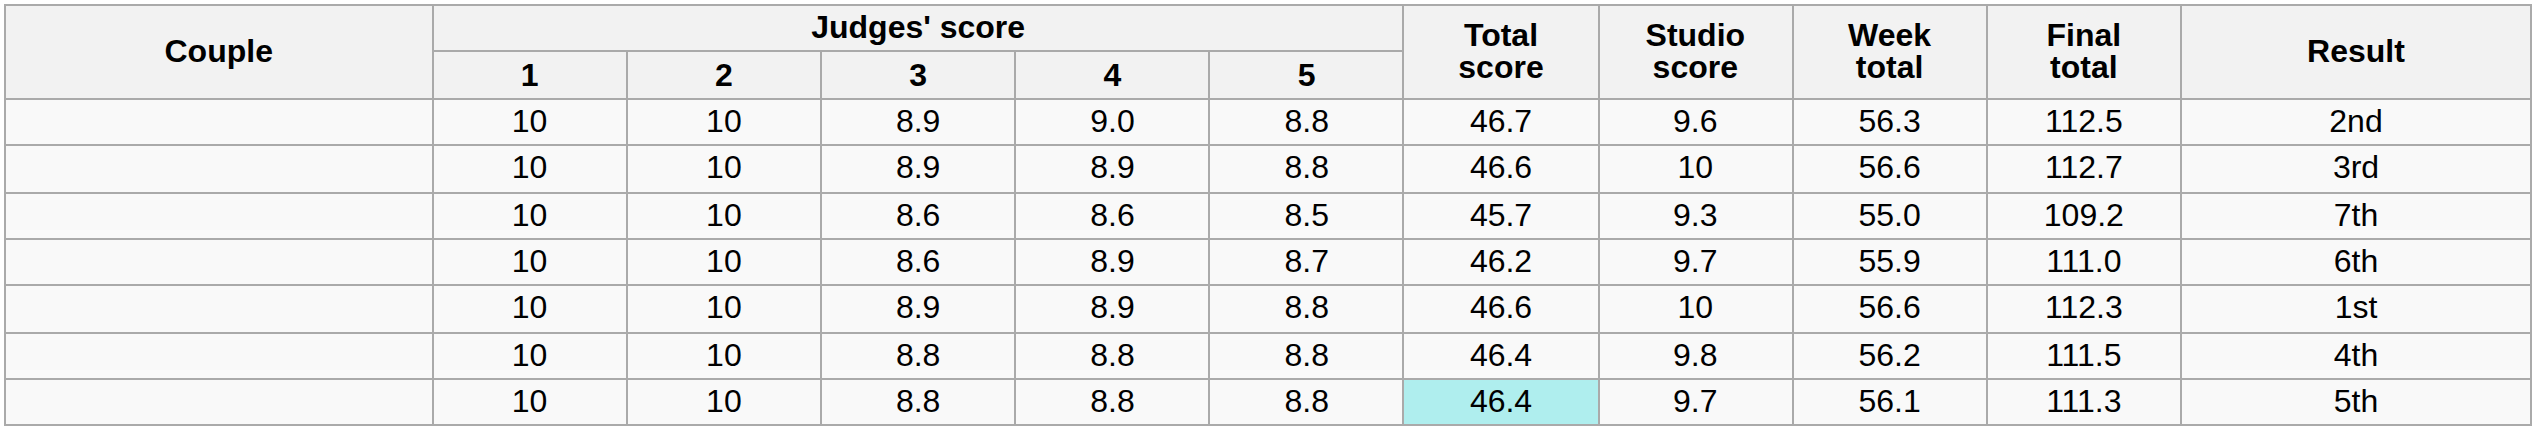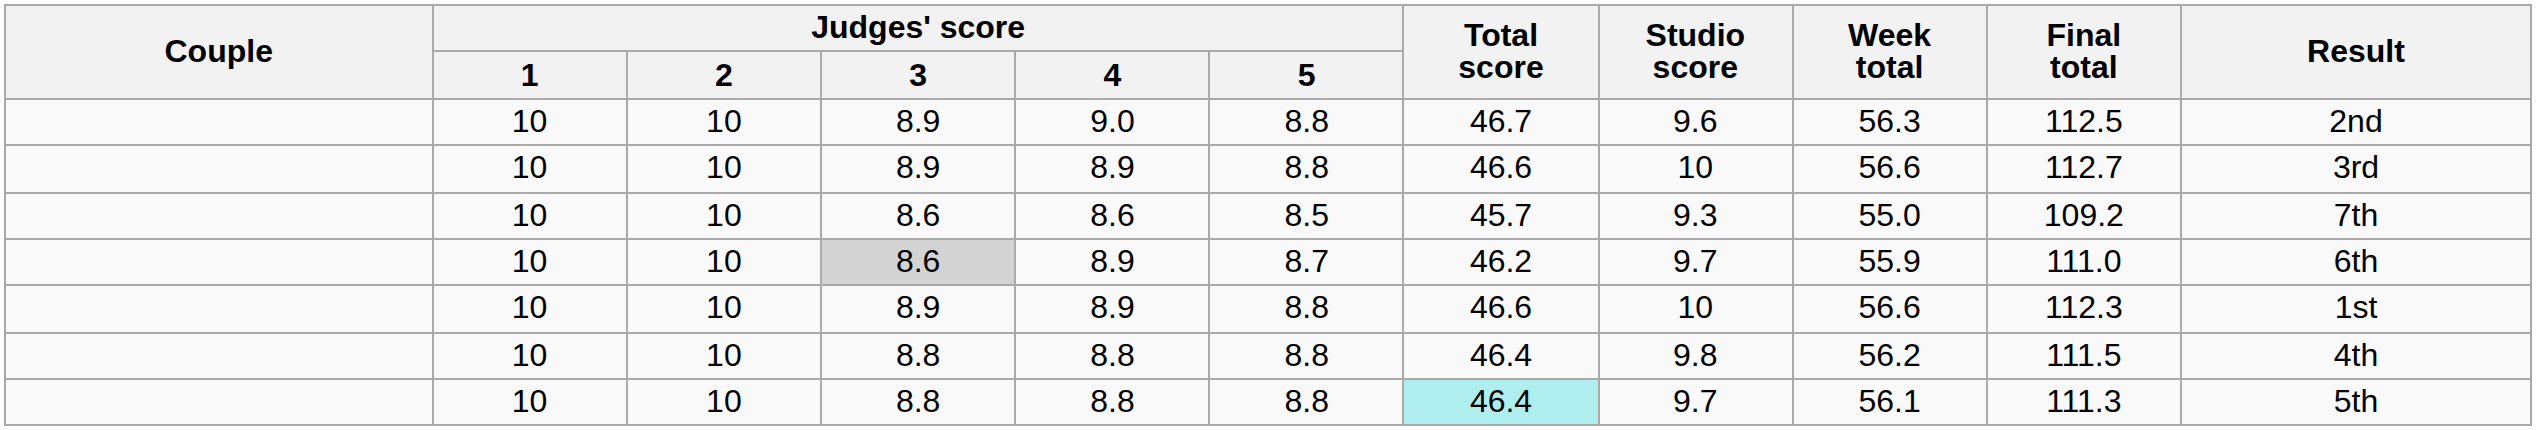 <table class="wikitable" style="font-size:100%; line-height:16px; text-align:center" width="100%">
 <tr>
 <th rowspan=2 width="11.00%">Couple</th>
 <th colspan=5 width="25.00%">Judges' score</th>
 <th rowspan=2 width="05.00%">Total<br>score</th>
 <th rowspan=2 width="05.00%">Studio<br>score</th>
 <th rowspan=2 width="05.00%">Week<br>total</th>
 <th rowspan=2 width="05.00%">Final<br>total</th>
 <th rowspan=2 width="09.00%">Result</th>
 </tr>
 <tr>
 <th width="05%">1</th>
 <th width="05%">2</th>
 <th width="05%">3</th>
 <th width="05%">4</th>
 <th width="05%">5</th>
 </tr>
 <tr>
 <td></td>
 <td>10</td>
 <td>10</td>
 <td>8.9</td>
 <td>9.0</td>
 <td>8.8</td>
 <td>46.7</td>
 <td>9.6</td>
 <td>56.3</td>
 <td>112.5</td>
 <td>2nd</td>
 </tr>
 <tr>
 <td></td>
 <td>10</td>
 <td>10</td>
 <td>8.9</td>
 <td>8.9</td>
 <td>8.8</td>
 <td>46.6</td>
 <td>10</td>
 <td>56.6</td>
 <td>112.7</td>
 <td>3rd</td>
 </tr>
 <tr>
 <td></td>
 <td>10</td>
 <td>10</td>
 <td>8.6</td>
 <td>8.6</td>
 <td>8.5</td>
 <td>45.7</td>
 <td>9.3</td>
 <td>55.0</td>
 <td>109.2</td>
 <td>7th</td>
 </tr>
 <tr>
 <td></td>
 <td>10</td>
 <td>10</td>
-<td>8.6</td>
+<td style="background: lightgrey;">8.6</td>
 <td>8.9</td>
 <td>8.7</td>
 <td>46.2</td>
 <td>9.7</td>
 <td>55.9</td>
 <td>111.0</td>
 <td>6th</td>
 </tr>
 <tr>
 <td></td>
 <td>10</td>
 <td>10</td>
 <td>8.9</td>
 <td>8.9</td>
 <td>8.8</td>
 <td>46.6</td>
 <td>10</td>
 <td>56.6</td>
 <td>112.3</td>
 <td>1st</td>
 </tr>
 <tr>
 <td></td>
 <td>10</td>
 <td>10</td>
 <td>8.8</td>
 <td>8.8</td>
 <td>8.8</td>
 <td>46.4</td>
 <td>9.8</td>
 <td>56.2</td>
 <td>111.5</td>
 <td>4th</td>
 </tr>
 <tr>
 <td></td>
 <td>10</td>
 <td>10</td>
 <td>8.8</td>
 <td>8.8</td>
 <td>8.8</td>
 <td style="background: paleturquoise;">46.4</td>
 <td>9.7</td>
 <td>56.1</td>
 <td>111.3</td>
 <td>5th</td>
 </tr>
 <tr>
 </tr>
 </table>
